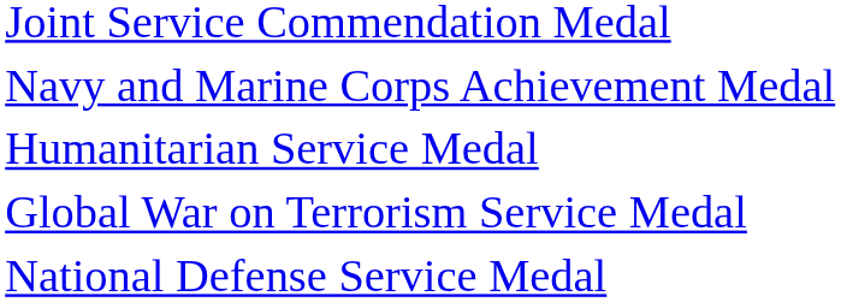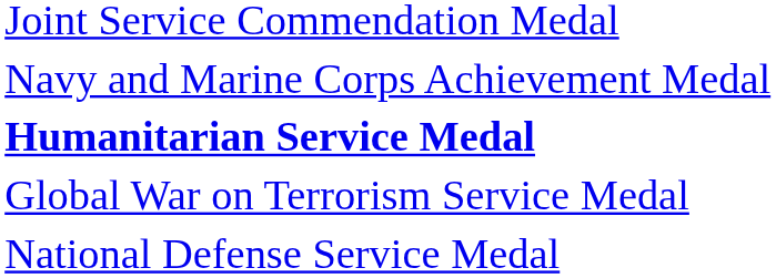 <table>
 <tr>
 <td> <a href='#'>Joint Service Commendation Medal</a></td>
 </tr>
 <tr>
 <td> <a href='#'>Navy and Marine Corps Achievement Medal</a></td>
 </tr>
 <tr>
-<td> <a href='#'>Humanitarian Service Medal</a></td>
+<td><strong> <a href='#'>Humanitarian Service Medal</a></strong></td>
 </tr>
 <tr>
 <td> <a href='#'>Global War on Terrorism Service Medal</a></td>
 </tr>
 <tr>
 <td> <a href='#'>National Defense Service Medal</a></td>
 </tr>
 </table>
